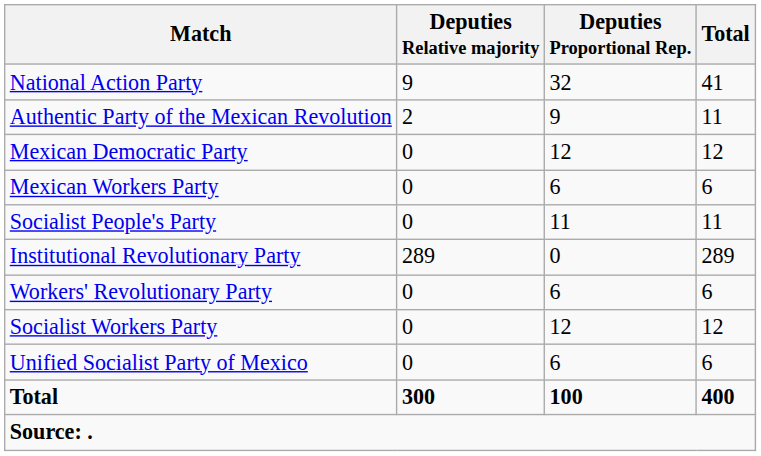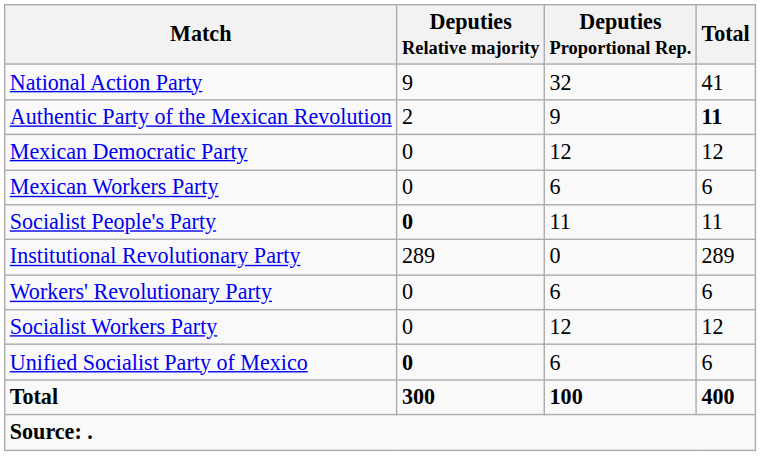 <table class="wikitable">
 <tr>
 <th><strong>Match</strong></th>
 <th><strong>Deputies<br><small>Relative majority</small></strong></th>
 <th><strong>Deputies<br><small>Proportional Rep.</small></strong></th>
 <th><strong>Total</strong></th>
 </tr>
 <tr>
 <td><a href='#'>National Action Party</a></td>
 <td>9</td>
 <td>32</td>
 <td>41</td>
 </tr>
 <tr>
 <td><a href='#'>Authentic Party of the Mexican Revolution</a></td>
 <td>2</td>
 <td>9</td>
-<td>11</td>
+<td><strong>11</strong></td>
 </tr>
 <tr>
 <td><a href='#'>Mexican Democratic Party</a></td>
 <td>0</td>
 <td>12</td>
 <td>12</td>
 </tr>
 <tr>
 <td><a href='#'>Mexican Workers Party</a></td>
 <td>0</td>
 <td>6</td>
 <td>6</td>
 </tr>
 <tr>
 <td><a href='#'>Socialist People's Party</a></td>
-<td>0</td>
+<td><strong>0</strong></td>
 <td>11</td>
 <td>11</td>
 </tr>
 <tr>
 <td><a href='#'>Institutional Revolutionary Party</a></td>
 <td>289</td>
 <td>0</td>
 <td>289</td>
 </tr>
 <tr>
 <td><a href='#'>Workers' Revolutionary Party</a></td>
 <td>0</td>
 <td>6</td>
 <td>6</td>
 </tr>
 <tr>
 <td><a href='#'>Socialist Workers Party</a></td>
 <td>0</td>
 <td>12</td>
 <td>12</td>
 </tr>
 <tr>
 <td><a href='#'>Unified Socialist Party of Mexico</a></td>
-<td>0</td>
+<td><strong>0</strong></td>
 <td>6</td>
 <td>6</td>
 </tr>
 <tr>
 <td><strong>Total</strong></td>
 <td><strong>300</strong></td>
 <td><strong>100</strong></td>
 <td><strong>400</strong></td>
 </tr>
 <tr>
 <td colspan="5"><strong>Source: .</strong></td>
 </tr>
 </table>
